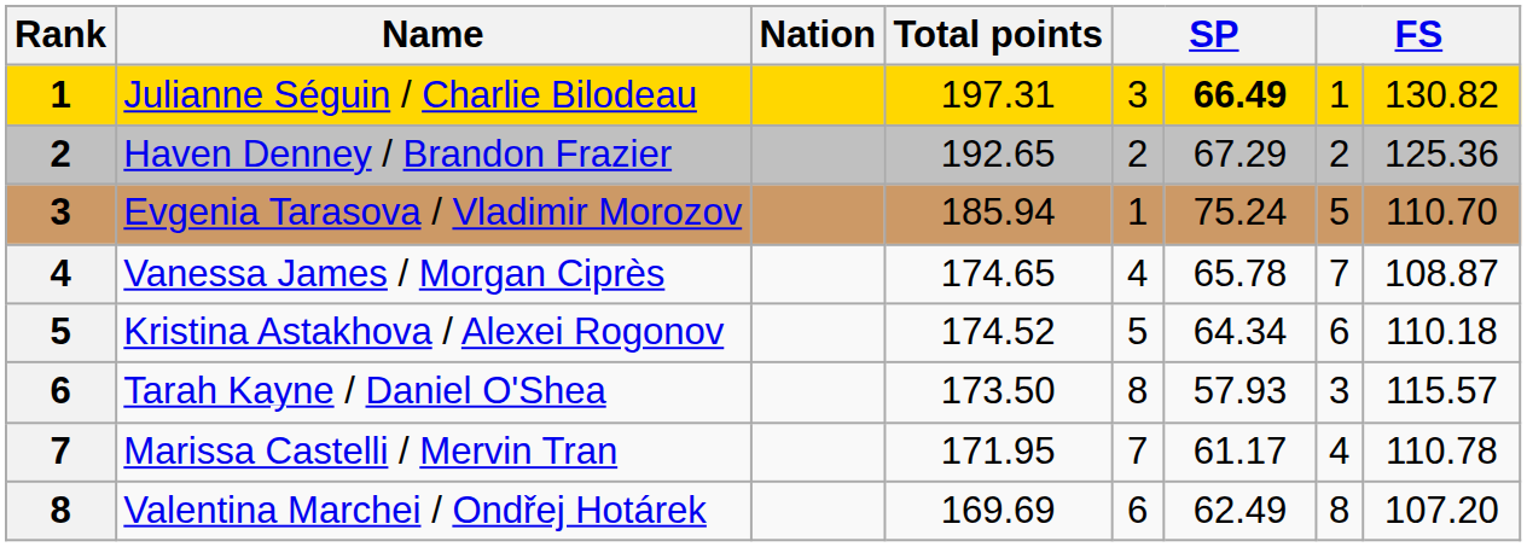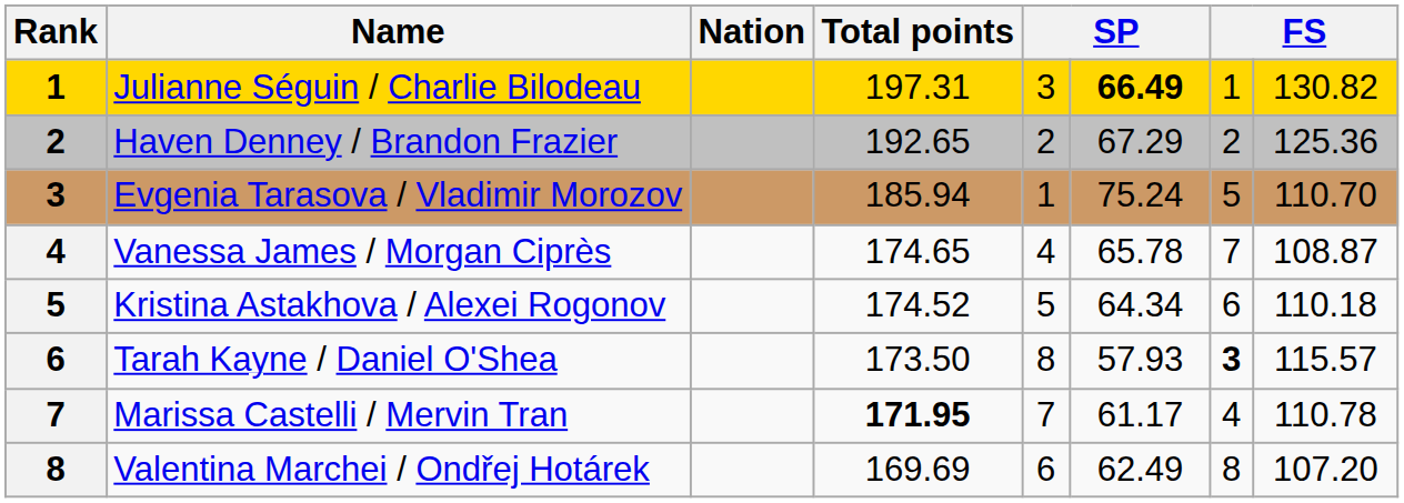 <table class="wikitable sortable">
 <tr>
 <th>Rank</th>
 <th>Name</th>
 <th>Nation</th>
 <th>Total points</th>
 <th colspan="2" width="80px"><a href='#'>SP</a></th>
 <th colspan="2" width="80px"><a href='#'>FS</a></th>
 </tr>
 <tr bgcolor="gold">
 <td align="center"><strong>1</strong></td>
 <td><a href='#'>Julianne Séguin</a> / <a href='#'>Charlie Bilodeau</a></td>
 <td></td>
 <td align="center">197.31</td>
 <td align="center">3</td>
 <td align="center"><strong>66.49</strong></td>
 <td align="center">1</td>
 <td align="center">130.82</td>
 </tr>
 <tr bgcolor="silver">
 <td align="center"><strong>2</strong></td>
 <td><a href='#'>Haven Denney</a> / <a href='#'>Brandon Frazier</a></td>
 <td></td>
 <td align="center">192.65</td>
 <td align="center">2</td>
 <td align="center">67.29</td>
 <td align="center">2</td>
 <td align="center">125.36</td>
 </tr>
 <tr bgcolor="cc9966">
 <td align="center"><strong>3</strong></td>
 <td><a href='#'>Evgenia Tarasova</a> / <a href='#'>Vladimir Morozov</a></td>
 <td></td>
 <td align="center">185.94</td>
 <td align="center">1</td>
 <td align="center">75.24</td>
 <td align="center">5</td>
 <td align="center">110.70</td>
 </tr>
 <tr>
 <th>4</th>
 <td><a href='#'>Vanessa James</a> / <a href='#'>Morgan Ciprès</a></td>
 <td></td>
 <td align="center">174.65</td>
 <td align="center">4</td>
 <td align="center">65.78</td>
 <td align="center">7</td>
 <td align="center">108.87</td>
 </tr>
 <tr>
 <th>5</th>
 <td><a href='#'>Kristina Astakhova</a> / <a href='#'>Alexei Rogonov</a></td>
 <td></td>
 <td align="center">174.52</td>
 <td align="center">5</td>
 <td align="center">64.34</td>
 <td align="center">6</td>
 <td align="center">110.18</td>
 </tr>
 <tr>
 <th>6</th>
 <td><a href='#'>Tarah Kayne</a> / <a href='#'>Daniel O'Shea</a></td>
 <td></td>
 <td align="center">173.50</td>
 <td align="center">8</td>
 <td align="center">57.93</td>
-<td align="center">3</td>
+<td align="center"><strong>3</strong></td>
 <td align="center">115.57</td>
 </tr>
 <tr>
 <th>7</th>
 <td><a href='#'>Marissa Castelli</a> / <a href='#'>Mervin Tran</a></td>
 <td></td>
-<td align="center">171.95</td>
+<td align="center"><strong>171.95</strong></td>
 <td align="center">7</td>
 <td align="center">61.17</td>
 <td align="center">4</td>
 <td align="center">110.78</td>
 </tr>
 <tr>
 <th>8</th>
 <td><a href='#'>Valentina Marchei</a> / <a href='#'>Ondřej Hotárek</a></td>
 <td></td>
 <td align="center">169.69</td>
 <td align="center">6</td>
 <td align="center">62.49</td>
 <td align="center">8</td>
 <td align="center">107.20</td>
 </tr>
 </table>
